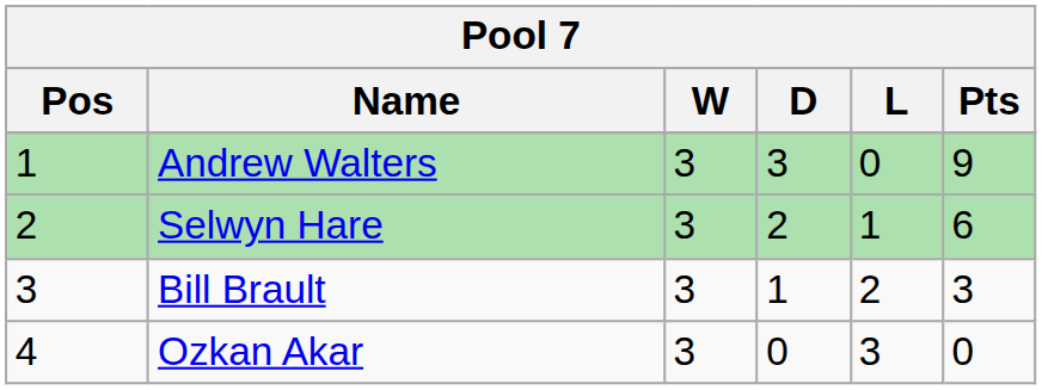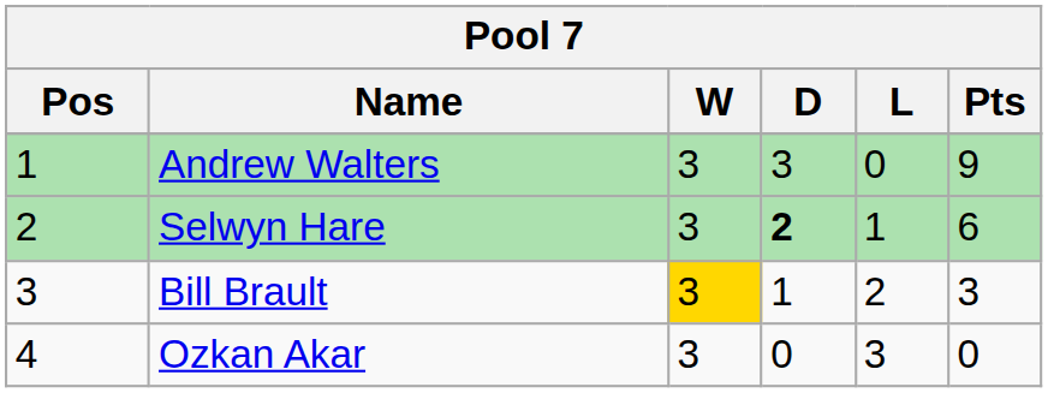 <table class="wikitable">
 <tr>
 <th colspan="6">Pool 7</th>
 </tr>
 <tr>
 <th width=50>Pos</th>
 <th width=200>Name</th>
 <th width=30>W</th>
 <th width=30>D</th>
 <th width=30>L</th>
 <th width=30>Pts</th>
 </tr>
 <tr>
 </tr>
 <tr style="background:#ACE1AF;">
 <td>1</td>
 <td> <a href='#'>Andrew Walters</a></td>
 <td>3</td>
 <td>3</td>
 <td>0</td>
 <td>9</td>
 </tr>
 <tr style="background:#ACE1AF;">
 <td>2</td>
 <td> <a href='#'>Selwyn Hare</a></td>
 <td>3</td>
-<td>2</td>
+<td><strong>2</strong></td>
 <td>1</td>
 <td>6</td>
 </tr>
 <tr>
 <td>3</td>
 <td> <a href='#'>Bill Brault</a></td>
-<td>3</td>
+<td style="background: gold;">3</td>
 <td>1</td>
 <td>2</td>
 <td>3</td>
 </tr>
 <tr>
 <td>4</td>
 <td> <a href='#'>Ozkan Akar</a></td>
 <td>3</td>
 <td>0</td>
 <td>3</td>
 <td>0</td>
 </tr>
 </table>
